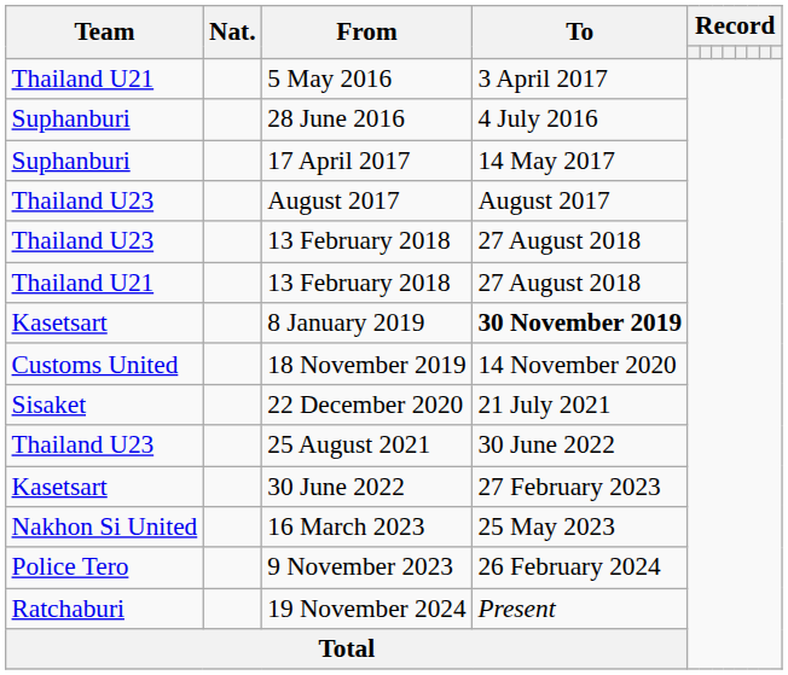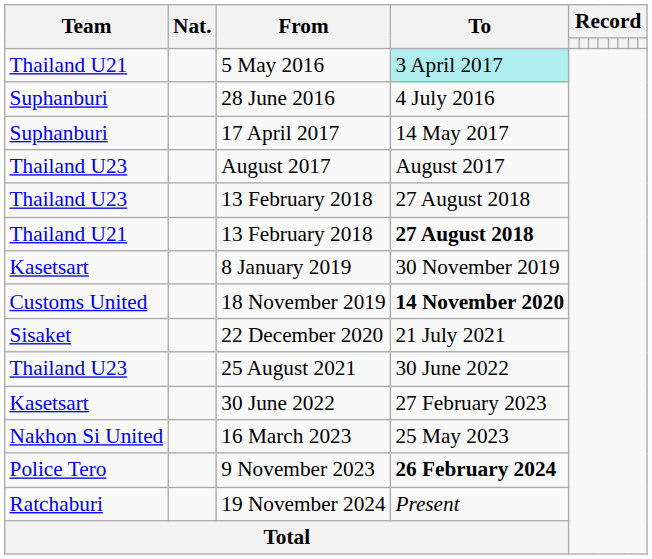 <table class="wikitable" style="text-align: center">
 <tr>
 <th rowspan="2">Team</th>
 <th rowspan="2">Nat.</th>
 <th rowspan="2">From</th>
 <th rowspan="2">To</th>
 <th colspan="8">Record</th>
 </tr>
 <tr>
 <th></th>
 <th></th>
 <th></th>
 <th></th>
 <th></th>
 <th></th>
 <th></th>
 <th></th>
 </tr>
 <tr>
 <td align=left><a href='#'>Thailand U21</a></td>
 <td></td>
 <td align=left>5 May 2016</td>
-<td align=left>3 April 2017<br></td>
+<td align=left style="background: paleturquoise;">3 April 2017<br></td>
 </tr>
 <tr>
 <td align=left><a href='#'>Suphanburi</a></td>
 <td></td>
 <td align=left>28 June 2016</td>
 <td align=left>4 July 2016<br></td>
 </tr>
 <tr>
 <td align=left><a href='#'>Suphanburi</a></td>
 <td></td>
 <td align=left>17 April 2017</td>
 <td align=left>14 May 2017<br></td>
 </tr>
 <tr>
 <td align=left><a href='#'>Thailand U23</a></td>
 <td></td>
 <td align=left>August 2017</td>
 <td align=left>August 2017<br></td>
 </tr>
 <tr>
 <td align=left><a href='#'>Thailand U23</a></td>
 <td></td>
 <td align=left>13 February 2018</td>
 <td align=left>27 August 2018<br></td>
 </tr>
 <tr>
 <td align=left><a href='#'>Thailand U21</a></td>
 <td></td>
 <td align=left>13 February 2018</td>
-<td align=left>27 August 2018<br></td>
+<td align=left><strong>27 August 2018<br></strong></td>
 </tr>
 <tr>
 <td align=left><a href='#'>Kasetsart</a></td>
 <td></td>
 <td align=left>8 January 2019</td>
-<td align=left><strong>30 November 2019<br></strong></td>
+<td align=left>30 November 2019<br></td>
 </tr>
 <tr>
 <td align=left><a href='#'>Customs United</a></td>
 <td></td>
 <td align=left>18 November 2019</td>
-<td align=left>14 November 2020<br></td>
+<td align=left><strong>14 November 2020<br></strong></td>
 </tr>
 <tr>
 <td align=left><a href='#'>Sisaket</a></td>
 <td></td>
 <td align=left>22 December 2020</td>
 <td align=left>21 July 2021<br></td>
 </tr>
 <tr>
 <td align=left><a href='#'>Thailand U23</a></td>
 <td></td>
 <td align=left>25 August 2021</td>
 <td align=left>30 June 2022<br></td>
 </tr>
 <tr>
 <td align=left><a href='#'>Kasetsart</a></td>
 <td></td>
 <td align=left>30 June 2022</td>
 <td align=left>27 February 2023<br></td>
 </tr>
 <tr>
 <td align=left><a href='#'>Nakhon Si United</a></td>
 <td></td>
 <td align=left>16 March 2023</td>
 <td align=left>25 May 2023<br></td>
 </tr>
 <tr>
 <td align=left><a href='#'>Police Tero</a></td>
 <td></td>
 <td align=left>9 November 2023</td>
-<td align=left>26 February 2024<br></td>
+<td align=left><strong>26 February 2024<br></strong></td>
 </tr>
 <tr>
 <td align=left><a href='#'>Ratchaburi</a></td>
 <td></td>
 <td align=left>19 November 2024</td>
 <td align=left><em>Present</em><br></td>
 </tr>
 <tr>
 <th colspan="4">Total<br></th>
 </tr>
 </table>
